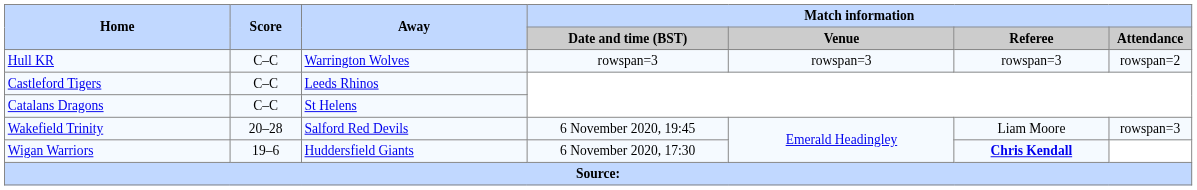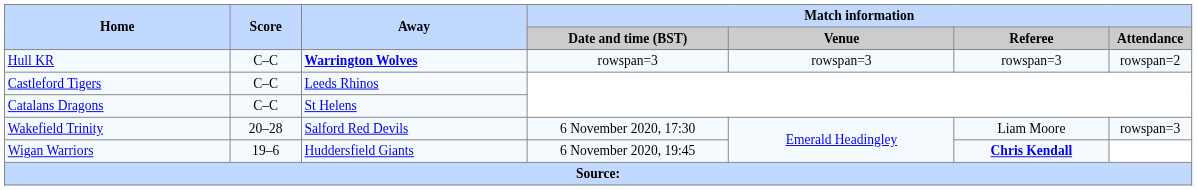 <table border=1 style="border-collapse:collapse; font-size:90%; text-align:center;" cellpadding=3 cellspacing=0 width=100%>
 <tr bgcolor=#C1D8FF>
 <th rowspan=2 width=19%>Home</th>
 <th rowspan=2 width=6%>Score</th>
 <th rowspan=2 width=19%>Away</th>
 <th colspan=4>Match information</th>
 </tr>
 <tr bgcolor=#CCCCCC>
 <th width=17%>Date and time (BST)</th>
 <th width=19%>Venue</th>
 <th width=13%>Referee</th>
 <th width=7%>Attendance</th>
 </tr>
 <tr bgcolor=#F5FAFF>
 <td align=left> <a href='#'>Hull KR</a></td>
 <td>C–C</td>
-<td align=left> <a href='#'>Warrington Wolves</a></td>
+<td align=left><strong> <a href='#'>Warrington Wolves</a></strong></td>
 <td>rowspan=3</td>
 <td>rowspan=3</td>
 <td>rowspan=3</td>
 <td>rowspan=2</td>
 </tr>
 <tr bgcolor=#F5FAFF>
 <td align=left> <a href='#'>Castleford Tigers</a></td>
 <td>C–C</td>
 <td align=left> <a href='#'>Leeds Rhinos</a></td>
 </tr>
 <tr bgcolor=#F5FAFF>
 <td align=left> <a href='#'>Catalans Dragons</a></td>
 <td>C–C</td>
 <td align=left> <a href='#'>St Helens</a></td>
 </tr>
 <tr bgcolor=#F5FAFF>
 <td align=left> <a href='#'>Wakefield Trinity</a></td>
 <td>20–28</td>
 <td align=left> <a href='#'>Salford Red Devils</a></td>
-<td>6 November 2020, 19:45</td>
+<td>6 November 2020, 17:30</td>
 <td rowspan=2><a href='#'>Emerald Headingley</a></td>
 <td>Liam Moore</td>
 <td>rowspan=3</td>
 </tr>
 <tr bgcolor=#F5FAFF>
 <td align=left> <a href='#'>Wigan Warriors</a></td>
 <td>19–6</td>
 <td align=left> <a href='#'>Huddersfield Giants</a></td>
-<td>6 November 2020, 17:30</td>
+<td>6 November 2020, 19:45</td>
 <td><strong><a href='#'>Chris Kendall</a></strong></td>
 </tr>
 <tr style="background:#c1d8ff;">
 <th colspan=7>Source:</th>
 </tr>
 </table>
